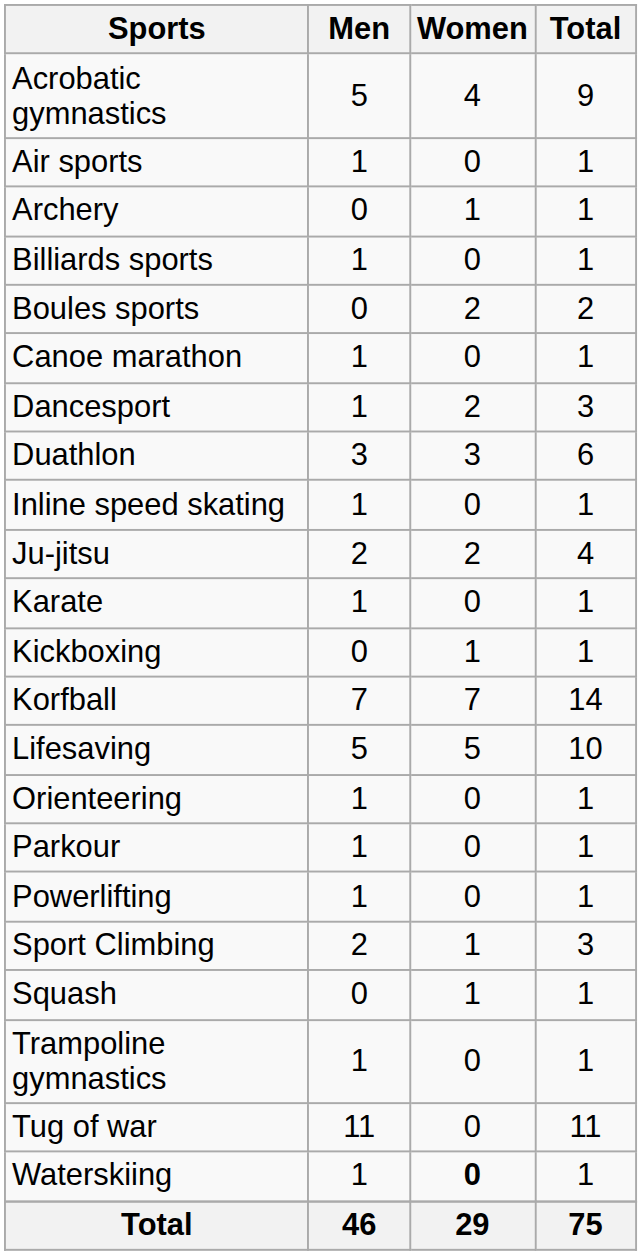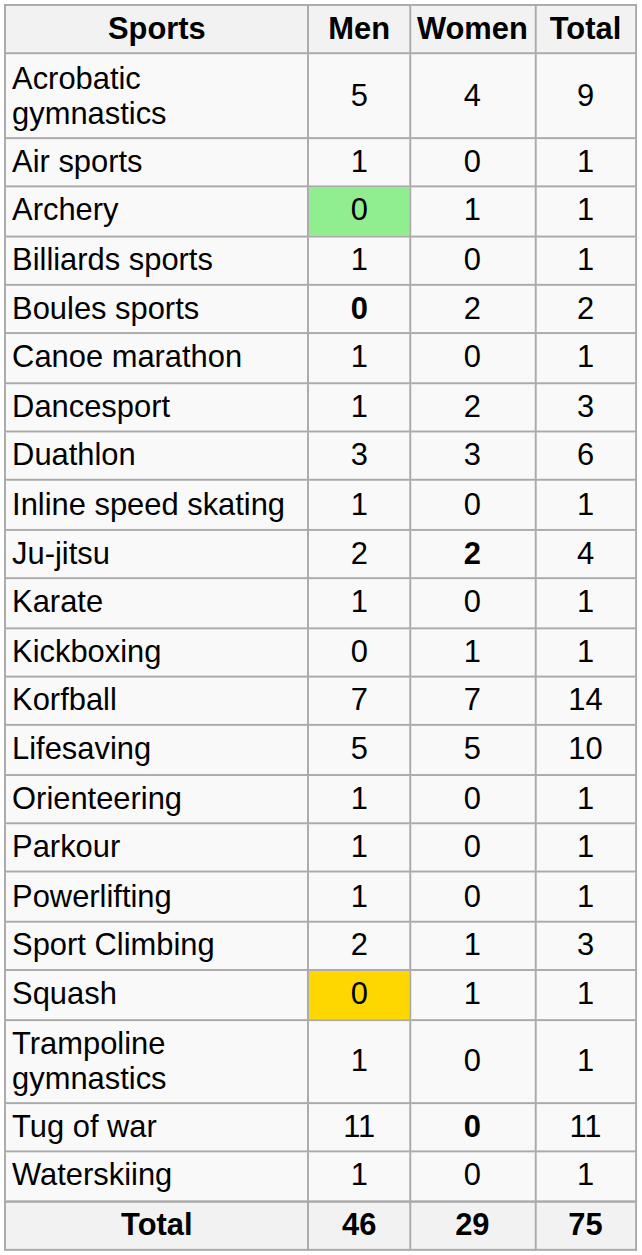 <table class="wikitable sortable" style="text-align:center;">
 <tr>
 <th width=150>Sports</th>
 <th width=45>Men</th>
 <th width=45>Women</th>
 <th width=45>Total</th>
 </tr>
 <tr>
 <td align=left>Acrobatic gymnastics</td>
 <td>5</td>
 <td>4</td>
 <td>9</td>
 </tr>
 <tr>
 <td align=left>Air sports</td>
 <td>1</td>
 <td>0</td>
 <td>1</td>
 </tr>
 <tr>
 <td align=left>Archery</td>
-<td>0</td>
+<td style="background: lightgreen;">0</td>
 <td>1</td>
 <td>1</td>
 </tr>
 <tr>
 <td align=left>Billiards sports</td>
 <td>1</td>
 <td>0</td>
 <td>1</td>
 </tr>
 <tr>
 <td align=left>Boules sports</td>
-<td>0</td>
+<td><strong>0</strong></td>
 <td>2</td>
 <td>2</td>
 </tr>
 <tr>
 <td align=left>Canoe marathon</td>
 <td>1</td>
 <td>0</td>
 <td>1</td>
 </tr>
 <tr>
 <td align=left>Dancesport</td>
 <td>1</td>
 <td>2</td>
 <td>3</td>
 </tr>
 <tr>
 <td align=left>Duathlon</td>
 <td>3</td>
 <td>3</td>
 <td>6</td>
 </tr>
 <tr>
 <td align=left>Inline speed skating</td>
 <td>1</td>
 <td>0</td>
 <td>1</td>
 </tr>
 <tr>
 <td align=left>Ju-jitsu</td>
 <td>2</td>
-<td>2</td>
+<td><strong>2</strong></td>
 <td>4</td>
 </tr>
 <tr>
 <td align=left>Karate</td>
 <td>1</td>
 <td>0</td>
 <td>1</td>
 </tr>
 <tr>
 <td align=left>Kickboxing</td>
 <td>0</td>
 <td>1</td>
 <td>1</td>
 </tr>
 <tr>
 <td align=left>Korfball</td>
 <td>7</td>
 <td>7</td>
 <td>14</td>
 </tr>
 <tr>
 <td align=left>Lifesaving</td>
 <td>5</td>
 <td>5</td>
 <td>10</td>
 </tr>
 <tr>
 <td align=left>Orienteering</td>
 <td>1</td>
 <td>0</td>
 <td>1</td>
 </tr>
 <tr>
 <td align=left>Parkour</td>
 <td>1</td>
 <td>0</td>
 <td>1</td>
 </tr>
 <tr>
 <td align=left>Powerlifting</td>
 <td>1</td>
 <td>0</td>
 <td>1</td>
 </tr>
 <tr>
 <td align=left>Sport Climbing</td>
 <td>2</td>
 <td>1</td>
 <td>3</td>
 </tr>
 <tr>
 <td align=left>Squash</td>
-<td>0</td>
+<td style="background: gold;">0</td>
 <td>1</td>
 <td>1</td>
 </tr>
 <tr>
 <td align=left>Trampoline gymnastics</td>
 <td>1</td>
 <td>0</td>
 <td>1</td>
 </tr>
 <tr>
 <td align=left>Tug of war</td>
 <td>11</td>
-<td>0</td>
+<td><strong>0</strong></td>
 <td>11</td>
 </tr>
 <tr>
 <td align=left>Waterskiing</td>
 <td>1</td>
-<td><strong>0</strong></td>
+<td>0</td>
 <td>1</td>
 </tr>
 <tr>
 </tr>
 <tr class="sortbottom">
 <th>Total</th>
 <th>46</th>
 <th>29</th>
 <th>75</th>
 </tr>
 </table>
